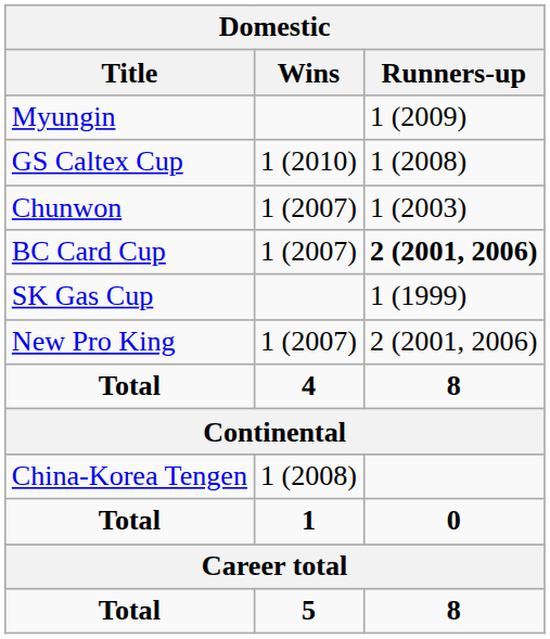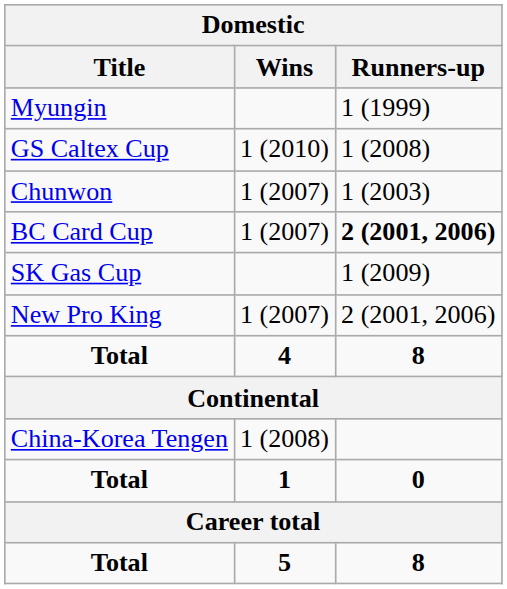 <table class="wikitable">
 <tr>
 <th colspan=3>Domestic</th>
 </tr>
 <tr>
 <th>Title</th>
 <th>Wins</th>
 <th>Runners-up</th>
 </tr>
 <tr>
 <td><a href='#'>Myungin</a></td>
 <td></td>
-<td>1 (2009)</td>
+<td>1 (1999)</td>
 </tr>
 <tr>
 <td><a href='#'>GS Caltex Cup</a></td>
 <td>1 (2010)</td>
 <td>1 (2008)</td>
 </tr>
 <tr>
 <td><a href='#'>Chunwon</a></td>
 <td>1 (2007)</td>
 <td>1 (2003)</td>
 </tr>
 <tr>
 <td><a href='#'>BC Card Cup</a></td>
 <td>1 (2007)</td>
 <td><strong>2 (2001, 2006)</strong></td>
 </tr>
 <tr>
 <td><a href='#'>SK Gas Cup</a></td>
 <td></td>
-<td>1 (1999)</td>
+<td>1 (2009)</td>
 </tr>
 <tr>
 <td><a href='#'>New Pro King</a></td>
 <td>1 (2007)</td>
 <td>2 (2001, 2006)</td>
 </tr>
 <tr align="center">
 <td><strong>Total</strong></td>
 <td><strong>4</strong></td>
 <td><strong>8</strong></td>
 </tr>
 <tr>
 <th colspan=3>Continental</th>
 </tr>
 <tr>
 <td><a href='#'>China-Korea Tengen</a></td>
 <td>1 (2008)</td>
 <td></td>
 </tr>
 <tr align="center">
 <td><strong>Total</strong></td>
 <td><strong>1</strong></td>
 <td><strong>0</strong></td>
 </tr>
 <tr>
 <th colspan=3>Career total</th>
 </tr>
 <tr align="center">
 <td><strong>Total</strong></td>
 <td><strong>5</strong></td>
 <td><strong>8</strong></td>
 </tr>
 </table>
